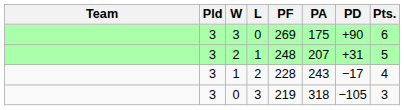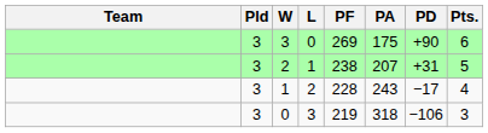 <table class=wikitable style="text-align:center">
 <tr>
 <th width=240>Team</th>
 <th width=20>Pld</th>
 <th width=20>W</th>
 <th width=20>L</th>
 <th width=35>PF</th>
 <th width=35>PA</th>
 <th width=35>PD</th>
 <th width=30>Pts.</th>
 </tr>
 <tr bgcolor=#aaffaa>
 <td align=left></td>
 <td>3</td>
 <td>3</td>
 <td>0</td>
 <td>269</td>
 <td>175</td>
 <td>+90</td>
 <td>6</td>
 </tr>
 <tr bgcolor=#aaffaa>
 <td align=left></td>
 <td>3</td>
 <td>2</td>
 <td>1</td>
-<td>248</td>
+<td>238</td>
 <td>207</td>
 <td>+31</td>
 <td>5</td>
 </tr>
 <tr>
 <td align=left></td>
 <td>3</td>
 <td>1</td>
 <td>2</td>
 <td>228</td>
 <td>243</td>
 <td>−17</td>
 <td>4</td>
 </tr>
 <tr>
 <td align=left></td>
 <td>3</td>
 <td>0</td>
 <td>3</td>
 <td>219</td>
 <td>318</td>
-<td>−105</td>
+<td>−106</td>
 <td>3</td>
 </tr>
 </table>
